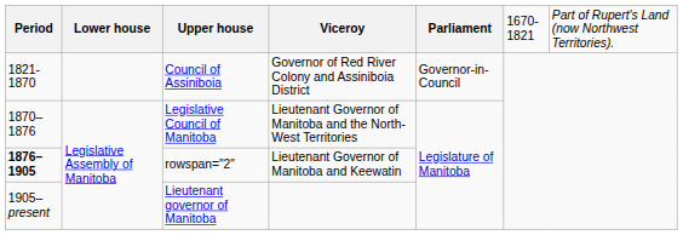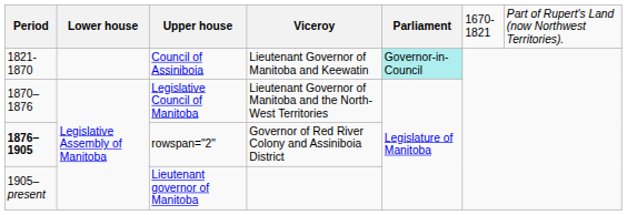 <table class="wikitable">
 <tr>
 <th>Period</th>
 <th>Lower house</th>
 <th>Upper house</th>
 <th>Viceroy</th>
 <th>Parliament</th>
 <td>1670-1821</td>
 <td colspan="4"><em>Part of Rupert's Land (now Northwest Territories).</em></td>
 </tr>
 <tr>
 <td>1821-1870</td>
 <td></td>
 <td><a href='#'>Council of Assiniboia</a></td>
-<td>Governor of Red River Colony and Assiniboia District</td>
-<td>Governor-in-Council</td>
+<td>Lieutenant Governor of Manitoba and Keewatin</td>
+<td style="background: paleturquoise;">Governor-in-Council</td>
 </tr>
 <tr>
 <td>1870–1876</td>
 <td rowspan="3"><a href='#'>Legislative Assembly of Manitoba</a></td>
 <td><a href='#'>Legislative Council of Manitoba</a></td>
 <td>Lieutenant Governor of Manitoba and the North-West Territories</td>
 <td rowspan="3"><a href='#'>Legislature of Manitoba</a></td>
 </tr>
 <tr>
 <td><strong>1876–1905</strong></td>
 <td>rowspan="2" </td>
-<td>Lieutenant Governor of Manitoba and Keewatin</td>
+<td>Governor of Red River Colony and Assiniboia District</td>
 </tr>
 <tr>
 <td>1905–<em>present</em></td>
 <td><a href='#'>Lieutenant governor of Manitoba</a></td>
 </tr>
 </table>
